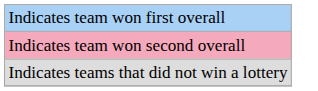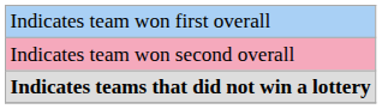 <table class="wikitable">
 <tr>
 <td style="background:#A9D0F5;">Indicates team won first overall</td>
 </tr>
 <tr>
 <td style="background:#F5A9BC;">Indicates team won second overall</td>
 </tr>
 <tr>
-<td style="background:#DDDDDD;">Indicates teams that did not win a lottery</td>
+<td style="background:#DDDDDD;"><strong>Indicates teams that did not win a lottery</strong></td>
 </tr>
 <tr>
 </tr>
 </table>
